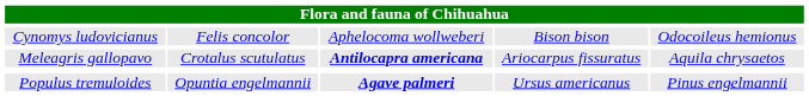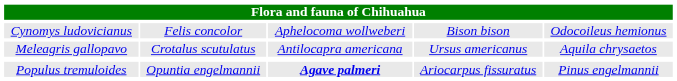 <table class="toc" cellpadding=0 cellspacing=2 width=800px style="float:center; margin: 0.5em 0.5em 0.5em 1em; padding: 0.5e">
 <tr>
 <td colspan=8 style="background:#green; color:white; font-size:100%" align=center bgcolor="green"><strong>Flora and fauna of Chihuahua</strong></td>
 </tr>
 <tr>
 <td align="center" bgcolor="white" valign="center"></td>
 <td align="center" bgcolor="white" valign="center"></td>
 <td align="center" bgcolor="white" valign="center"></td>
 <td align="center" bgcolor="white" valign="center"></td>
 <td align="center" bgcolor="white" valign="center"></td>
 </tr>
 <tr>
 <td style="background:#e9e9e9;" align=center><em><a href='#'>Cynomys ludovicianus</a></em></td>
 <td style="background:#e9e9e9;" align=center><em><a href='#'>Felis concolor</a></em></td>
 <td style="background:#e9e9e9;" align=center><em><a href='#'>Aphelocoma wollweberi</a></em></td>
 <td style="background:#e9e9e9;" align=center><em><a href='#'>Bison bison</a></em></td>
 <td style="background:#e9e9e9;" align=center><em><a href='#'>Odocoileus hemionus</a></em></td>
 </tr>
 <tr>
 <td align="center" bgcolor="white" valign="center"></td>
 <td align="center" bgcolor="white" valign="center"></td>
 <td align="center" bgcolor="white" valign="center"></td>
 <td align="center" bgcolor="white" valign="center"></td>
 <td align="center" bgcolor="white" valign="center"></td>
 </tr>
 <tr>
 <td style="background:#e9e9e9;" align=center><em><a href='#'>Meleagris gallopavo</a></em></td>
 <td style="background:#e9e9e9;" align=center><em><a href='#'>Crotalus scutulatus</a></em></td>
-<td style="background:#e9e9e9;" align=center><strong><em><a href='#'>Antilocapra americana</a></em></strong></td>
-<td style="background:#e9e9e9;" align=center><em><a href='#'>Ariocarpus fissuratus</a></em></td>
+<td style="background:#e9e9e9;" align=center><em><a href='#'>Antilocapra americana</a></em></td>
+<td style="background:#e9e9e9;" align=center><em><a href='#'>Ursus americanus</a></em></td>
 <td style="background:#e9e9e9;" align=center><em><a href='#'>Aquila chrysaetos</a></em></td>
 </tr>
 <tr>
 </tr>
 <tr>
 <td align="center" bgcolor="white" valign="center"></td>
 <td align="center" bgcolor="white" valign="center"></td>
 <td align="center" bgcolor="white" valign="center"></td>
 <td align="center" bgcolor="white" valign="center"></td>
 <td align="center" bgcolor="white" valign="center"></td>
 </tr>
 <tr>
 <td style="background:#e9e9e9;" align=center><em><a href='#'>Populus tremuloides</a></em></td>
 <td style="background:#e9e9e9;" align=center><em><a href='#'>Opuntia engelmannii</a></em></td>
 <td style="background:#e9e9e9;" align=center><strong><em><a href='#'>Agave palmeri</a></em></strong></td>
-<td style="background:#e9e9e9;" align=center><em><a href='#'>Ursus americanus</a></em></td>
+<td style="background:#e9e9e9;" align=center><em><a href='#'>Ariocarpus fissuratus</a></em></td>
 <td style="background:#e9e9e9;" align=center><em><a href='#'>Pinus engelmannii</a></em></td>
 </tr>
 <tr>
 </tr>
 </table>
